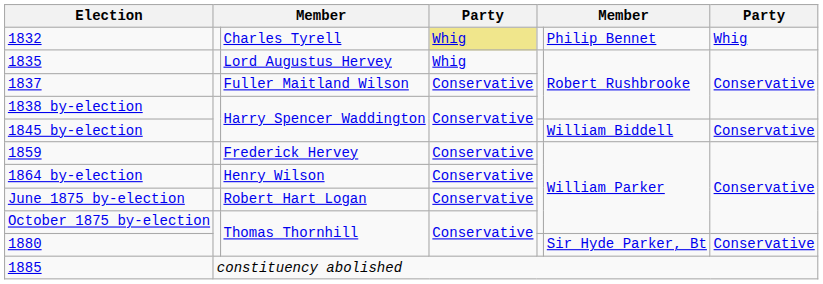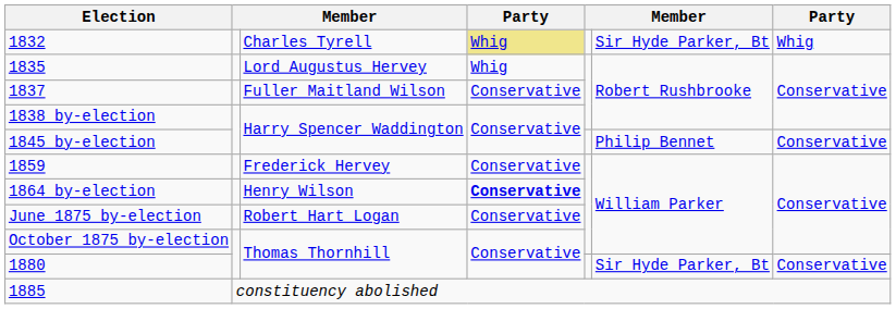 <table class="wikitable">
 <tr>
 <th>Election</th>
 <th colspan="2">Member</th>
 <th>Party</th>
 <th colspan="2">Member</th>
 <th>Party </th>
 </tr>
 <tr>
 <td><a href='#'>1832</a></td>
 <td style="color:inherit;background-color: "></td>
 <td><a href='#'>Charles Tyrell</a></td>
 <td style="background: khaki;"><a href='#'>Whig</a></td>
 <td style="color:inherit;background-color: "></td>
-<td><a href='#'>Philip Bennet</a></td>
+<td><a href='#'>Sir Hyde Parker, Bt</a></td>
 <td><a href='#'>Whig</a></td>
 </tr>
 <tr>
 <td><a href='#'>1835</a></td>
 <td style="color:inherit;background-color: "></td>
 <td><a href='#'>Lord Augustus Hervey</a></td>
 <td><a href='#'>Whig</a></td>
 <td rowspan="3" style="color:inherit;background-color: "></td>
 <td rowspan="3"><a href='#'>Robert Rushbrooke</a></td>
 <td rowspan="3"><a href='#'>Conservative</a></td>
 </tr>
 <tr>
 <td><a href='#'>1837</a></td>
 <td style="color:inherit;background-color: "></td>
 <td><a href='#'>Fuller Maitland Wilson</a></td>
 <td><a href='#'>Conservative</a></td>
 </tr>
 <tr>
 <td><a href='#'>1838 by-election</a></td>
 <td rowspan="2" style="color:inherit;background-color: "></td>
 <td rowspan="2"><a href='#'>Harry Spencer Waddington</a></td>
 <td rowspan="2"><a href='#'>Conservative</a></td>
 </tr>
 <tr>
 <td><a href='#'>1845 by-election</a></td>
 <td style="color:inherit;background-color: "></td>
-<td><a href='#'>William Biddell</a></td>
+<td><a href='#'>Philip Bennet</a></td>
 <td><a href='#'>Conservative</a></td>
 </tr>
 <tr>
 <td><a href='#'>1859</a></td>
 <td style="color:inherit;background-color: "></td>
 <td><a href='#'>Frederick Hervey</a></td>
 <td><a href='#'>Conservative</a></td>
 <td rowspan="4" style="color:inherit;background-color: "></td>
 <td rowspan="4"><a href='#'>William Parker</a></td>
 <td rowspan="4"><a href='#'>Conservative</a></td>
 </tr>
 <tr>
 <td><a href='#'>1864 by-election</a></td>
 <td style="color:inherit;background-color: "></td>
 <td><a href='#'>Henry Wilson</a></td>
-<td><a href='#'>Conservative</a></td>
+<td><strong><a href='#'>Conservative</a></strong></td>
 </tr>
 <tr>
 <td><a href='#'>June 1875 by-election</a></td>
 <td style="color:inherit;background-color: "></td>
 <td><a href='#'>Robert Hart Logan</a></td>
 <td><a href='#'>Conservative</a></td>
 </tr>
 <tr>
 <td><a href='#'>October 1875 by-election</a></td>
 <td rowspan="2" style="color:inherit;background-color: "></td>
 <td rowspan="2"><a href='#'>Thomas Thornhill</a></td>
 <td rowspan="2"><a href='#'>Conservative</a></td>
 </tr>
 <tr>
 <td><a href='#'>1880</a></td>
 <td style="color:inherit;background-color: "></td>
 <td><a href='#'>Sir Hyde Parker, Bt</a></td>
 <td><a href='#'>Conservative</a></td>
 </tr>
 <tr>
 <td><a href='#'>1885</a></td>
 <td colspan="6"><em>constituency abolished</em></td>
 </tr>
 </table>
